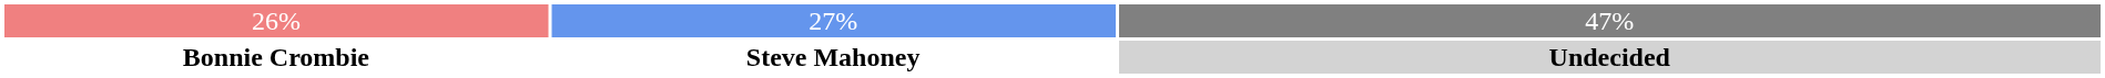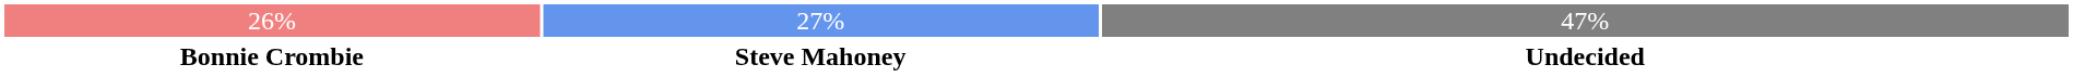 <table style="width:100%; text-align:center;">
 <tr style="color:white;">
 <td style="background:lightcoral; width:26%;">26%</td>
 <td style="background:cornflowerblue; width:27%;">27%</td>
 <td style="background:gray; width:47%;">47%</td>
 </tr>
 <tr>
 <td><span><strong>Bonnie Crombie</strong></span></td>
 <td><span><strong>Steve Mahoney</strong></span></td>
-<td style="background: lightgrey;"><span><strong>Undecided</strong></span></td>
+<td><span><strong>Undecided</strong></span></td>
 </tr>
 </table>
